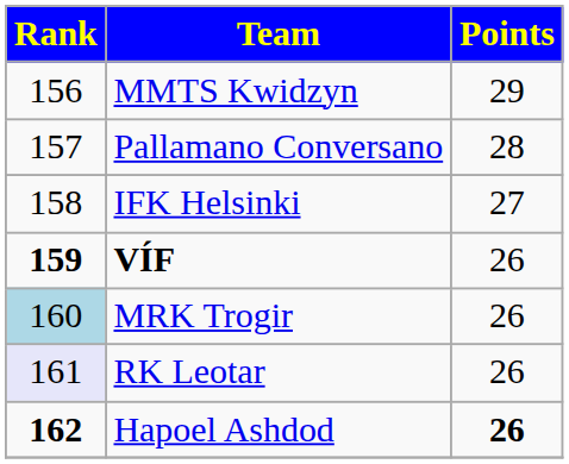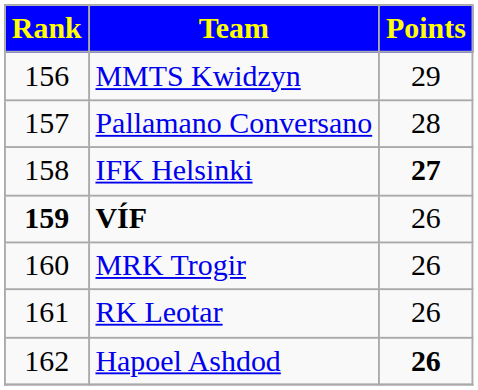 <table class="wikitable" style="text-align: center">
 <tr>
 <th style="color:#FFFF00; background:#0000FF">Rank</th>
 <th style="color:#FFFF00; background:#0000FF">Team</th>
 <th style="color:#FFFF00; background:#0000FF">Points</th>
 </tr>
 <tr>
 <td>156</td>
 <td align=left> <a href='#'>MMTS Kwidzyn</a></td>
 <td>29</td>
 </tr>
 <tr>
 <td>157</td>
 <td align=left> <a href='#'>Pallamano Conversano</a></td>
 <td>28</td>
 </tr>
 <tr>
 <td>158</td>
 <td align=left> <a href='#'>IFK Helsinki</a></td>
-<td>27</td>
+<td><strong>27</strong></td>
 </tr>
 <tr>
 <td><strong>159</strong></td>
 <td align=left> <strong>VÍF</strong></td>
 <td>26</td>
 </tr>
 <tr>
-<td style="background: lightblue;">160</td>
+<td>160</td>
 <td align=left> <a href='#'>MRK Trogir</a></td>
 <td>26</td>
 </tr>
 <tr>
-<td style="background: lavender;">161</td>
+<td>161</td>
 <td align=left> <a href='#'>RK Leotar</a></td>
 <td>26</td>
 </tr>
 <tr>
-<td><strong>162</strong></td>
+<td>162</td>
 <td align=left> <a href='#'>Hapoel Ashdod</a></td>
 <td><strong>26</strong></td>
 </tr>
 <tr>
 </tr>
 </table>
